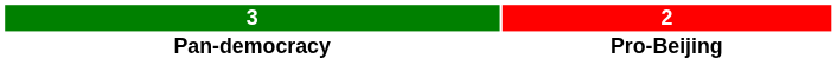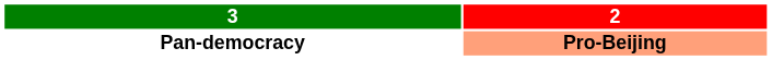 <table style="width:50%; text-align:center;">
 <tr style="color:white;">
 <td style="background:green; width:60%;"><strong>3</strong></td>
 <td style="background:red; width:40%;"><strong>2</strong></td>
 </tr>
 <tr>
 <td><span><strong>Pan-democracy</strong></span></td>
-<td><span><strong>Pro-Beijing</strong></span></td>
+<td style="background: lightsalmon;"><span><strong>Pro-Beijing</strong></span></td>
 </tr>
 </table>
